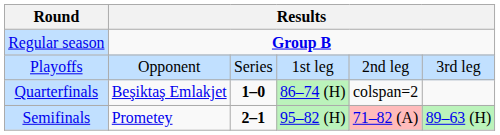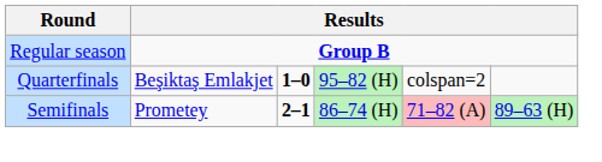 <table class="wikitable" style="text-align:center;">
 <tr>
 <th>Round</th>
 <th colspan="5">Results</th>
 </tr>
 <tr>
 <td style="background-color:#c1e0ff;"><a href='#'>Regular season</a></td>
 <td colspan="5" style="valign=top;"><strong><a href='#'>Group B</a></strong><br><div></div></td>
 </tr>
-<tr style="background-color:#c1e0ff;">
-<td><a href='#'>Playoffs</a></td>
-<td>Opponent</td>
-<td width=30>Series</td>
-<td>1st leg</td>
-<td>2nd leg</td>
-<td>3rd leg</td>
-</tr>
 <tr>
 <td style="background-color:#c1e0ff;"><a href='#'>Quarterfinals</a></td>
 <td style="text-align:left;"> <a href='#'>Beşiktaş Emlakjet</a></td>
 <td><strong>1–0</strong></td>
-<td style="background-color:#bbf3bb;"><a href='#'>86–74</a> (H)</td>
+<td style="background-color:#bbf3bb;"><a href='#'>95–82</a> (H)</td>
 <td>colspan=2 </td>
 </tr>
 <tr>
 <td style="background-color:#c1e0ff;"><a href='#'>Semifinals</a></td>
 <td style="text-align:left;"> <a href='#'>Prometey</a></td>
 <td><strong>2–1</strong></td>
-<td style="background-color:#bbf3bb;"><a href='#'>95–82</a> (H)</td>
+<td style="background-color:#bbf3bb;"><a href='#'>86–74</a> (H)</td>
 <td style="background-color:#ffbbbb;"><a href='#'>71–82</a> (A)</td>
 <td style="background-color:#bbf3bb;"><a href='#'>89–63</a> (H)</td>
 </tr>
 </table>
